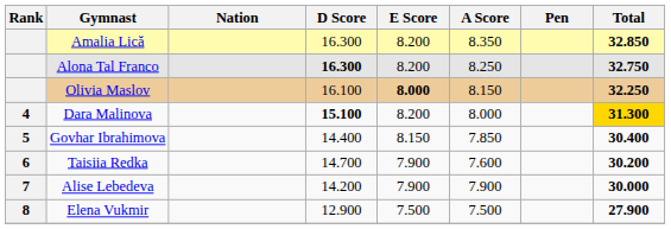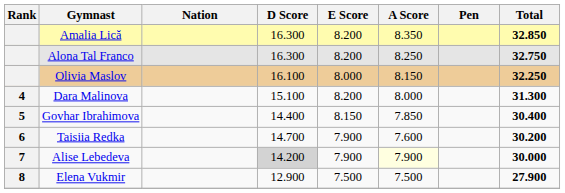 <table class="wikitable sortable" style="text-align:center; font-size:85%">
 <tr>
 <th scope="col" style="width:20px;">Rank</th>
 <th>Gymnast</th>
 <th scope="col" style="width:120px;" !>Nation</th>
 <th scope="col" style="width:60px;" !>D Score</th>
 <th scope="col" style="width:60px;" !>E Score</th>
 <th scope="col" style="width:60px;" !>A Score</th>
 <th scope="col" style="width:60px;" !>Pen</th>
 <th scope="col" style="width:60px;" !>Total</th>
 </tr>
 <tr bgcolor="fffcaf">
 <th scope="row"></th>
 <td><a href='#'>Amalia Lică</a></td>
 <td align="left"></td>
 <td>16.300</td>
 <td>8.200</td>
 <td>8.350</td>
 <td></td>
 <td><strong>32.850</strong></td>
 </tr>
 <tr bgcolor="e5e5e5">
 <th scope="row"></th>
 <td><a href='#'>Alona Tal Franco</a></td>
 <td align="left"></td>
-<td><strong>16.300</strong></td>
+<td>16.300</td>
 <td>8.200</td>
 <td>8.250</td>
 <td></td>
 <td><strong>32.750</strong></td>
 </tr>
 <tr bgcolor="eecc99">
 <th scope="row"></th>
 <td><a href='#'>Olivia Maslov</a></td>
 <td align="left"></td>
 <td>16.100</td>
-<td><strong>8.000</strong></td>
+<td>8.000</td>
 <td>8.150</td>
 <td></td>
 <td><strong>32.250</strong></td>
 </tr>
 <tr>
 <th scope="row">4</th>
 <td><a href='#'>Dara Malinova</a></td>
 <td align="left"></td>
-<td><strong>15.100</strong></td>
+<td>15.100</td>
 <td>8.200</td>
 <td>8.000</td>
 <td></td>
-<td style="background: gold;"><strong>31.300</strong></td>
+<td><strong>31.300</strong></td>
 </tr>
 <tr>
 <th scope="row">5</th>
 <td><a href='#'>Govhar Ibrahimova</a></td>
 <td align="left"></td>
 <td>14.400</td>
 <td>8.150</td>
 <td>7.850</td>
 <td></td>
 <td><strong>30.400</strong></td>
 </tr>
 <tr>
 <th scope="row">6</th>
 <td><a href='#'>Taisiia Redka</a></td>
 <td align="left"></td>
 <td>14.700</td>
 <td>7.900</td>
 <td>7.600</td>
 <td></td>
 <td><strong>30.200</strong></td>
 </tr>
 <tr>
 <th scope="row">7</th>
 <td><a href='#'>Alise Lebedeva</a></td>
 <td align="left"></td>
-<td>14.200</td>
+<td style="background: lightgrey;">14.200</td>
 <td>7.900</td>
-<td>7.900</td>
+<td style="background: lightyellow;">7.900</td>
 <td></td>
 <td><strong>30.000</strong></td>
 </tr>
 <tr>
 <th scope="row">8</th>
 <td><a href='#'>Elena Vukmir</a></td>
 <td align="left"></td>
 <td>12.900</td>
 <td>7.500</td>
 <td>7.500</td>
 <td></td>
 <td><strong>27.900</strong></td>
 </tr>
 <tr>
 </tr>
 </table>
